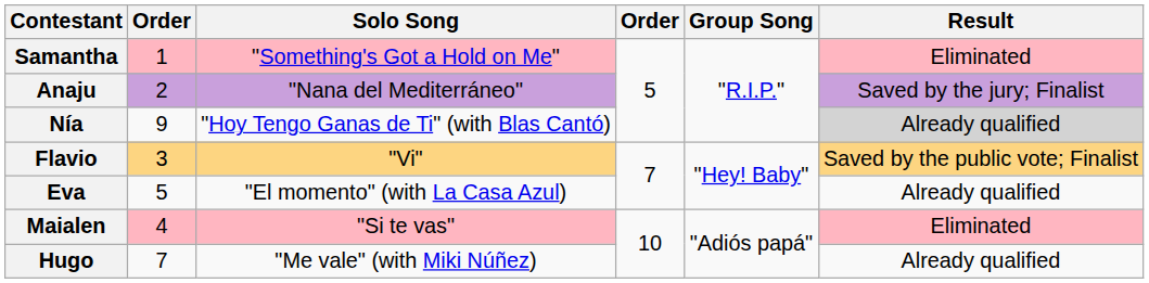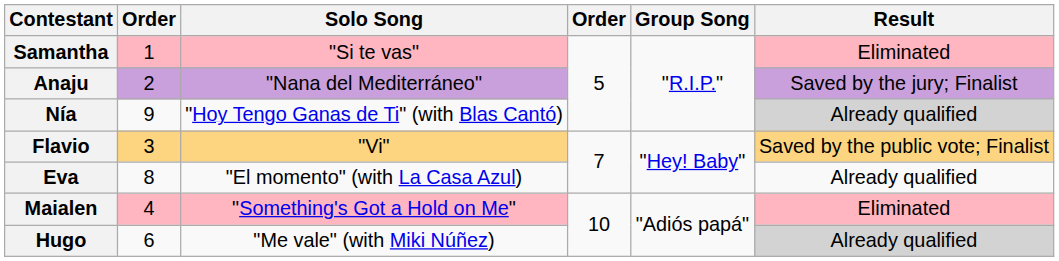 <table class="wikitable sortable plainrowheaders" style="text-align:center;">
 <tr>
 <th scope="col">Contestant</th>
 <th scope="col">Order</th>
 <th scope="col">Solo Song</th>
 <th scope="col">Order</th>
 <th scope="col">Group Song</th>
 <th scope="col">Result</th>
 </tr>
 <tr>
 <th scope="row">Samantha</th>
 <td style="background:lightpink">1</td>
-<td style="background:lightpink">"<a href='#'>Something's Got a Hold on Me</a>"</td>
+<td style="background:lightpink">"Si te vas"</td>
 <td rowspan=3>5</td>
 <td rowspan=3>"<a href='#'>R.I.P.</a>"</td>
 <td style="background:lightpink">Eliminated</td>
 </tr>
 <tr>
 <th scope="row">Anaju</th>
 <td style="background-color: #C9A0DC;">2</td>
 <td style="background-color: #C9A0DC;">"Nana del Mediterráneo"</td>
 <td style="background-color: #C9A0DC;">Saved by the jury; Finalist</td>
 </tr>
 <tr>
 <th scope="row">Nía</th>
 <td>9</td>
 <td>"<a href='#'>Hoy Tengo Ganas de Ti</a>" (with <a href='#'>Blas Cantó</a>)</td>
 <td style="background: lightgrey;">Already qualified</td>
 </tr>
 <tr>
 <th scope="row">Flavio</th>
 <td style="background:#fdd581;">3</td>
 <td style="background:#fdd581;">"Vi"</td>
 <td rowspan=2>7</td>
 <td rowspan=2>"<a href='#'>Hey! Baby</a>"</td>
 <td style="background:#fdd581;">Saved by the public vote; Finalist</td>
 </tr>
 <tr>
 <th scope="row">Eva</th>
-<td>5</td>
+<td>8</td>
 <td>"El momento" (with <a href='#'>La Casa Azul</a>)</td>
 <td>Already qualified</td>
 </tr>
 <tr>
 <th scope="row">Maialen</th>
 <td style="background:lightpink">4</td>
-<td style="background:lightpink">"Si te vas"</td>
+<td style="background:lightpink">"<a href='#'>Something's Got a Hold on Me</a>"</td>
 <td rowspan=2>10</td>
 <td rowspan=2>"Adiós papá"</td>
 <td style="background:lightpink">Eliminated</td>
 </tr>
 <tr>
 <th scope="row">Hugo</th>
-<td>7</td>
+<td>6</td>
 <td>"Me vale" (with <a href='#'>Miki Núñez</a>)</td>
-<td>Already qualified</td>
+<td style="background: lightgrey;">Already qualified</td>
 </tr>
 </table>
